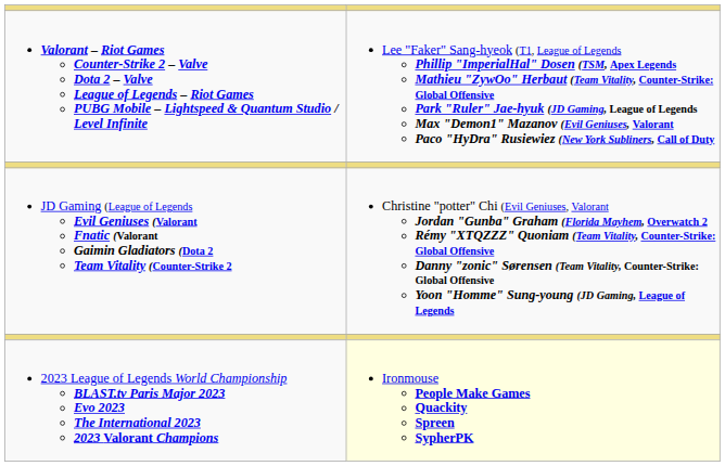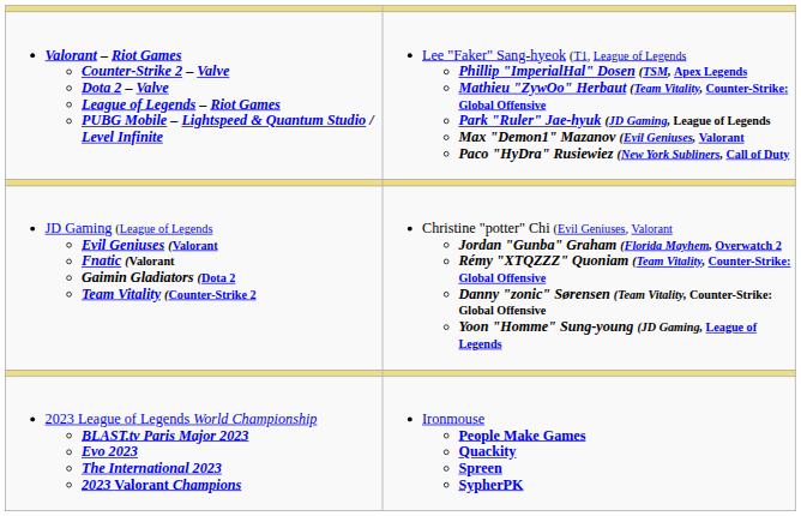 <table class=wikitable>
 <tr>
 <th style="background:#eedd82"></th>
 <th style="background:#eedd82"></th>
 </tr>
 <tr>
 <td valign="top"><br><ul><li><strong><em><a href='#'>Valorant</a><em> – <a href='#'>Riot Games</a><strong><ul><li></em><a href='#'>Counter-Strike 2</a><em> – <a href='#'>Valve</a></li><li></em><a href='#'>Dota 2</a><em> – <a href='#'>Valve</a></li><li></em><a href='#'>League of Legends</a><em> – <a href='#'>Riot Games</a></li><li></em><a href='#'>PUBG Mobile</a><em> – <a href='#'>Lightspeed & Quantum Studio</a> / <a href='#'>Level Infinite</a></li></ul></li></ul></td>
 <td valign="top"><br><ul><li></strong><a href='#'>Lee "Faker" Sang-hyeok</a> <small>(<a href='#'>T1</a>, </em><a href='#'>League of Legends</a><em></small><strong><ul><li><a href='#'>Phillip "ImperialHal" Dosen</a> <small>(<a href='#'>TSM</a>, </em><a href='#'>Apex Legends</a><em></small></li><li><a href='#'>Mathieu "ZywOo" Herbaut</a> <small>(<a href='#'>Team Vitality</a>, </em><a href='#'>Counter-Strike: Global Offensive</a><em></small></li><li><a href='#'>Park "Ruler" Jae-hyuk</a> <small>(<a href='#'>JD Gaming</a>, </em>League of Legends<em></small></li><li>Max "Demon1" Mazanov <small>(<a href='#'>Evil Geniuses</a>, </em><a href='#'>Valorant</a><em></small></li><li>Paco "HyDra" Rusiewiez <small>(<a href='#'>New York Subliners</a>, </em><a href='#'>Call of Duty</a><em></small></li></ul></li></ul></td>
 </tr>
 <tr>
 <th style="background:#eedd82"></th>
 <th style="background:#eedd82"></th>
 </tr>
 <tr>
 <td valign="top"><br><ul><li></strong><a href='#'>JD Gaming</a> <small>(</em><a href='#'>League of Legends</a><em></small><strong><ul><li><a href='#'>Evil Geniuses</a> <small>(</em><a href='#'>Valorant</a><em></small></li><li><a href='#'>Fnatic</a> <small>(</em>Valorant<em></small></li><li>Gaimin Gladiators <small>(</em><a href='#'>Dota 2</a><em></small></li><li><a href='#'>Team Vitality</a> <small>(</em><a href='#'>Counter-Strike 2</a><em></small></li></ul></li></ul></td>
 <td valign="top"><br><ul><li></strong>Christine "potter" Chi <small>(<a href='#'>Evil Geniuses</a>, </em><a href='#'>Valorant</a><em></small><strong><ul><li>Jordan "Gunba" Graham <small>(<a href='#'>Florida Mayhem</a>, </em><a href='#'>Overwatch&nbsp;2</a><em></small></li><li>Rémy "XTQZZZ" Quoniam <small>(<a href='#'>Team Vitality</a>, </em><a href='#'>Counter-Strike: Global Offensive</a><em></small></li><li>Danny "zonic" Sørensen <small>(Team Vitality, </em>Counter-Strike: Global Offensive<em></small></li><li>Yoon "Homme" Sung-young <small>(JD Gaming, </em><a href='#'>League of Legends</a><em></small></li></ul></li></ul></td>
 </tr>
 <tr>
 <th style="background:#eedd82"></th>
 <th style="background:#eedd82"></th>
 </tr>
 <tr>
 <td valign="top"><br><ul><li></strong><a href='#'>2023 </em>League of Legends<em> World Championship</a><strong><ul><li><a href='#'>BLAST.tv Paris Major 2023</a></li><li><a href='#'>Evo 2023</a></li><li><a href='#'>The International 2023</a></li><li><a href='#'>2023 </em>Valorant<em> Champions</a></li></ul></li></ul></td>
-<td valign="top" style="background: lightyellow;"><br><ul><li></strong><a href='#'>Ironmouse</a><strong><ul><li><a href='#'>People Make Games</a></li><li><a href='#'>Quackity</a></li><li><a href='#'>Spreen</a></li><li><a href='#'>SypherPK</a></li></ul></li></ul></td>
+<td valign="top"><br><ul><li></strong><a href='#'>Ironmouse</a><strong><ul><li><a href='#'>People Make Games</a></li><li><a href='#'>Quackity</a></li><li><a href='#'>Spreen</a></li><li><a href='#'>SypherPK</a></li></ul></li></ul></td>
 </tr>
 </table>
